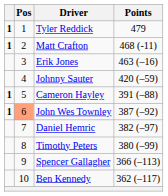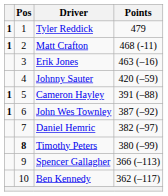 <table class="wikitable" style="font-size: 95%;">
 <tr>
 <th></th>
 <th>Pos</th>
 <th>Driver</th>
 <th>Points</th>
 </tr>
 <tr>
 <td align="left"> <strong>1</strong></td>
 <td style="text-align:center;">1</td>
 <td><a href='#'>Tyler Reddick</a></td>
 <td style="text-align:center;">479</td>
 </tr>
 <tr>
 <td align="left"> <strong>1</strong></td>
 <td style="text-align:center;">2</td>
 <td><a href='#'>Matt Crafton</a></td>
 <td style="text-align:center;">468 (-11)</td>
 </tr>
 <tr>
 <td align="left"></td>
 <td style="text-align:center;">3</td>
 <td><a href='#'>Erik Jones</a></td>
 <td style="text-align:center;">463 (–16)</td>
 </tr>
 <tr>
 <td align="left"></td>
 <td style="text-align:center;">4</td>
 <td><a href='#'>Johnny Sauter</a></td>
 <td style="text-align:center;">420 (–59)</td>
 </tr>
 <tr>
 <td align="left"> <strong>1</strong></td>
 <td style="text-align:center;">5</td>
 <td><a href='#'>Cameron Hayley</a></td>
 <td style="text-align:center;">391 (–88)</td>
 </tr>
 <tr>
 <td align="left"> <strong>1</strong></td>
-<td style="background: lightsalmon; text-align:center;">6</td>
+<td style="text-align:center;">6</td>
 <td><a href='#'>John Wes Townley</a></td>
 <td style="text-align:center;">387 (–92)</td>
 </tr>
 <tr>
 <td align="left"></td>
 <td style="text-align:center;">7</td>
 <td><a href='#'>Daniel Hemric</a></td>
 <td style="text-align:center;">382 (–97)</td>
 </tr>
 <tr>
 <td align="left"></td>
-<td style="text-align:center;">8</td>
+<td style="text-align:center;"><strong>8</strong></td>
 <td><a href='#'>Timothy Peters</a></td>
 <td style="text-align:center;">380 (–99)</td>
 </tr>
 <tr>
 <td align="left"></td>
 <td style="text-align:center;">9</td>
 <td><a href='#'>Spencer Gallagher</a></td>
 <td style="text-align:center;">366 (–113)</td>
 </tr>
 <tr>
 <td align="left"></td>
 <td style="text-align:center;">10</td>
 <td><a href='#'>Ben Kennedy</a></td>
 <td style="text-align:center;">362 (–117)</td>
 </tr>
 <tr>
 <th colspan="9"></th>
 </tr>
 </table>
